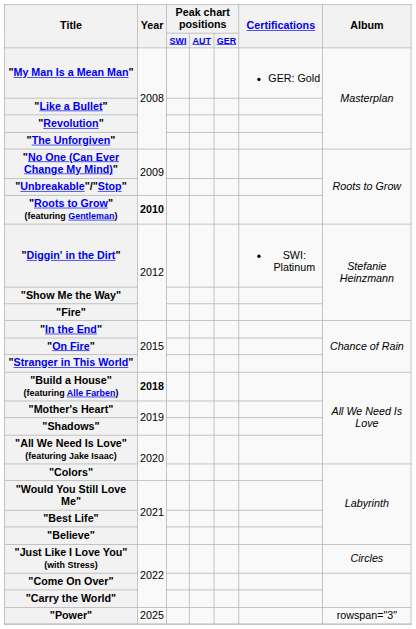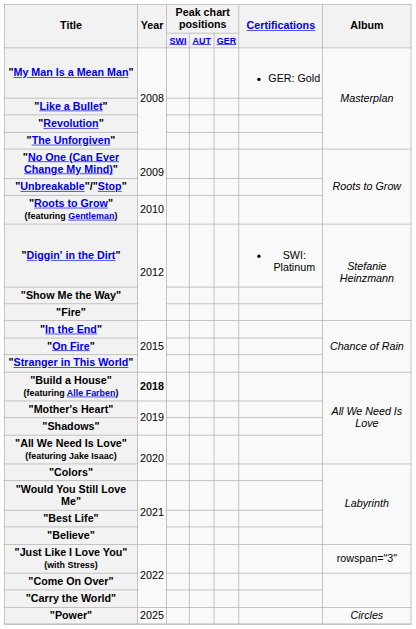 <table class="wikitable plainrowheaders" style="text-align:center;" border="1">
 <tr>
 <th scope="col" rowspan="2" style="width:18em;">Title</th>
 <th scope="col" rowspan="2">Year</th>
 <th scope="col" colspan="3">Peak chart positions</th>
 <th scope="col" rowspan="2" style="width:11em;"><a href='#'>Certifications</a></th>
 <th scope="col" rowspan="2" style="width:16em;">Album</th>
 </tr>
 <tr style="font-size:smaller;">
 <th width="40"><a href='#'>SWI</a><br></th>
 <th width="40"><a href='#'>AUT</a><br></th>
 <th width="40"><a href='#'>GER</a><br></th>
 </tr>
 <tr>
 <th scope="row">"<a href='#'>My Man Is a Mean Man</a>"</th>
 <td rowspan="4">2008</td>
 <td></td>
 <td></td>
 <td></td>
 <td><br><ul><li>GER: Gold</li></ul></td>
 <td rowspan="4"><em>Masterplan</em></td>
 </tr>
 <tr>
 <th scope="row">"<a href='#'>Like a Bullet</a>"</th>
 <td></td>
 <td></td>
 <td></td>
 <td></td>
 </tr>
 <tr>
 <th scope="row">"<a href='#'>Revolution</a>"</th>
 <td></td>
 <td></td>
 <td></td>
 <td></td>
 </tr>
 <tr>
 <th scope="row">"<a href='#'>The Unforgiven</a>"</th>
 <td></td>
 <td></td>
 <td></td>
 <td></td>
 </tr>
 <tr>
 <th scope="row">"<a href='#'>No One (Can Ever Change My Mind)</a>"</th>
 <td rowspan="2">2009</td>
 <td></td>
 <td></td>
 <td></td>
 <td></td>
 <td rowspan="3"><em>Roots to Grow</em></td>
 </tr>
 <tr>
 <th scope="row">"<a href='#'>Unbreakable</a>"/"<a href='#'>Stop</a>"</th>
 <td></td>
 <td></td>
 <td></td>
 <td></td>
 </tr>
 <tr>
 <th scope="row">"<a href='#'>Roots to Grow</a>"<br><small>(featuring <a href='#'>Gentleman</a>)</small></th>
-<td><strong>2010</strong></td>
+<td>2010</td>
 <td></td>
 <td></td>
 <td></td>
 <td></td>
 </tr>
 <tr>
 <th scope="row">"<a href='#'>Diggin' in the Dirt</a>"</th>
 <td rowspan="3">2012</td>
 <td></td>
 <td></td>
 <td></td>
 <td><br><ul><li>SWI: Platinum</li></ul></td>
 <td rowspan="3"><em>Stefanie Heinzmann</em></td>
 </tr>
 <tr>
 <th scope="row">"Show Me the Way"</th>
 <td></td>
 <td></td>
 <td></td>
 <td></td>
 </tr>
 <tr>
 <th scope="row">"Fire"</th>
 <td></td>
 <td></td>
 <td></td>
 <td></td>
 </tr>
 <tr>
 <th scope="row">"<a href='#'>In the End</a>"</th>
 <td rowspan="3">2015</td>
 <td></td>
 <td></td>
 <td></td>
 <td></td>
 <td rowspan="3"><em>Chance of Rain</em></td>
 </tr>
 <tr>
 <th scope="row">"<a href='#'>On Fire</a>"</th>
 <td></td>
 <td></td>
 <td></td>
 <td></td>
 </tr>
 <tr>
 <th scope="row">"<a href='#'>Stranger in This World</a>"</th>
 <td></td>
 <td></td>
 <td></td>
 <td></td>
 </tr>
 <tr>
 <th scope="row">"Build a House"<br><small>(featuring <a href='#'>Alle Farben</a>)</small></th>
 <td><strong>2018</strong></td>
 <td></td>
 <td></td>
 <td></td>
 <td></td>
 <td rowspan="4"><em>All We Need Is Love</em></td>
 </tr>
 <tr>
 <th scope="row">"Mother's Heart"</th>
 <td rowspan="2">2019</td>
 <td></td>
 <td></td>
 <td></td>
 <td></td>
 </tr>
 <tr>
 <th scope="row">"Shadows"</th>
 <td></td>
 <td></td>
 <td></td>
 <td></td>
 </tr>
 <tr>
 <th scope="row">"All We Need Is Love"<br><small>(featuring Jake Isaac)</small></th>
 <td rowspan="2">2020</td>
 <td></td>
 <td></td>
 <td></td>
 <td></td>
 </tr>
 <tr>
 <th scope="row">"Colors"</th>
 <td></td>
 <td></td>
 <td></td>
 <td></td>
 <td rowspan="4"><em>Labyrinth</em></td>
 </tr>
 <tr>
 <th scope="row">"Would You Still Love Me"</th>
 <td rowspan="3">2021</td>
 <td></td>
 <td></td>
 <td></td>
 <td></td>
 </tr>
 <tr>
 <th scope="row">"Best Life"</th>
 <td></td>
 <td></td>
 <td></td>
 <td></td>
 </tr>
 <tr>
 <th scope="row">"Believe"</th>
 <td></td>
 <td></td>
 <td></td>
 <td></td>
 </tr>
 <tr>
 <th scope="row">"Just Like I Love You" <br> <small>(with Stress)</small></th>
 <td rowspan="3">2022</td>
 <td></td>
 <td></td>
 <td></td>
 <td></td>
-<td rowspan="1"><em>Circles</em></td>
+<td>rowspan="3" </td>
 </tr>
 <tr>
 <th scope="row">"Come On Over"</th>
 <td></td>
 <td></td>
 <td></td>
 <td></td>
 </tr>
 <tr>
 <th scope="row">"Carry the World"</th>
 <td></td>
 <td></td>
 <td></td>
 <td></td>
 </tr>
 <tr>
 <th scope="row">"Power"</th>
 <td rowspan="1">2025</td>
 <td></td>
 <td></td>
 <td></td>
 <td></td>
-<td>rowspan="3" </td>
+<td rowspan="1"><em>Circles</em></td>
 </tr>
 <tr>
 </tr>
 </table>
